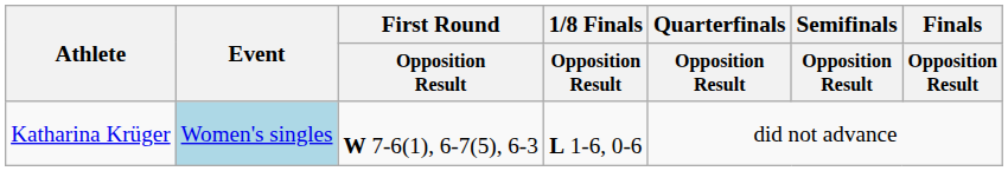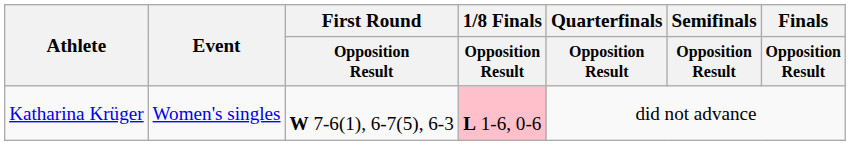 <table class=wikitable style="font-size:90%">
 <tr>
 <th rowspan="2">Athlete</th>
 <th rowspan="2">Event</th>
 <th>First Round</th>
 <th>1/8 Finals</th>
 <th>Quarterfinals</th>
 <th>Semifinals</th>
 <th>Finals</th>
 </tr>
 <tr>
 <th style="line-height:1em"><small>Opposition<br>Result</small></th>
 <th style="line-height:1em"><small>Opposition<br>Result</small></th>
 <th style="line-height:1em"><small>Opposition<br>Result</small></th>
 <th style="line-height:1em"><small>Opposition<br>Result</small></th>
 <th style="line-height:1em"><small>Opposition<br>Result</small></th>
 </tr>
 <tr>
 <td><a href='#'>Katharina Krüger</a></td>
-<td style="background: lightblue;"><a href='#'>Women's singles</a></td>
+<td><a href='#'>Women's singles</a></td>
 <td style="text-align:center;"><br><strong>W</strong> 7-6(1), 6-7(5), 6-3</td>
-<td style="text-align:center;"><br><strong>L</strong> 1-6, 0-6</td>
+<td style="background: pink; text-align:center;"><br><strong>L</strong> 1-6, 0-6</td>
 <td style="text-align:center;" colspan="3">did not advance</td>
 </tr>
 </table>
